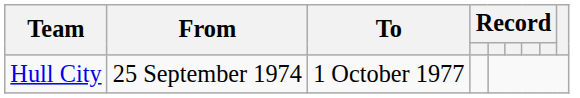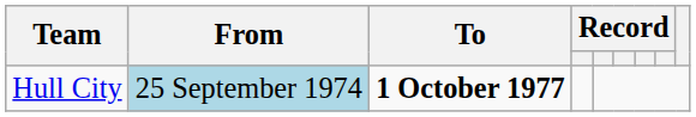 <table class=wikitable style="text-align: center">
 <tr>
 <th rowspan=2>Team</th>
 <th rowspan=2>From</th>
 <th rowspan=2>To</th>
 <th colspan=5>Record</th>
 <th rowspan=2 class=unsortable></th>
 </tr>
 <tr>
 <th></th>
 <th></th>
 <th></th>
 <th></th>
 <th></th>
 </tr>
 <tr>
 <td align=left><a href='#'>Hull City</a></td>
-<td align=left>25 September 1974</td>
-<td align=left>1 October 1977<br></td>
+<td align=left style="background: lightblue;">25 September 1974</td>
+<td align=left><strong>1 October 1977<br></strong></td>
 <td></td>
 </tr>
 </table>
